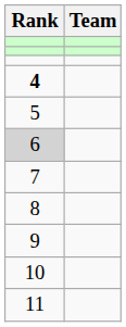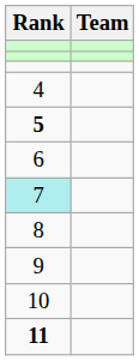 <table class="wikitable" style="text-align:center;">
 <tr>
 <th width=40>Rank</th>
 <th>Team</th>
 </tr>
 <tr bgcolor=#ccffcc>
 <td></td>
 <td style="text-align:left;"></td>
 </tr>
 <tr bgcolor=#ccffcc>
 <td></td>
 <td style="text-align:left;"></td>
 </tr>
 <tr>
 <td></td>
 <td style="text-align:left;"></td>
 </tr>
 <tr>
-<td><strong>4</strong></td>
+<td>4</td>
 <td style="text-align:left;"></td>
 </tr>
 <tr>
-<td>5</td>
+<td><strong>5</strong></td>
 <td style="text-align:left;"></td>
 </tr>
 <tr>
-<td style="background: lightgrey;">6</td>
+<td>6</td>
 <td style="text-align:left;"></td>
 </tr>
 <tr>
-<td>7</td>
+<td style="background: paleturquoise;">7</td>
 <td style="text-align:left;"></td>
 </tr>
 <tr>
 <td>8</td>
 <td style="text-align:left;"></td>
 </tr>
 <tr>
 <td>9</td>
 <td style="text-align:left;"></td>
 </tr>
 <tr>
 <td>10</td>
 <td style="text-align:left;"></td>
 </tr>
 <tr>
-<td>11</td>
+<td><strong>11</strong></td>
 <td style="text-align:left;"></td>
 </tr>
 </table>
